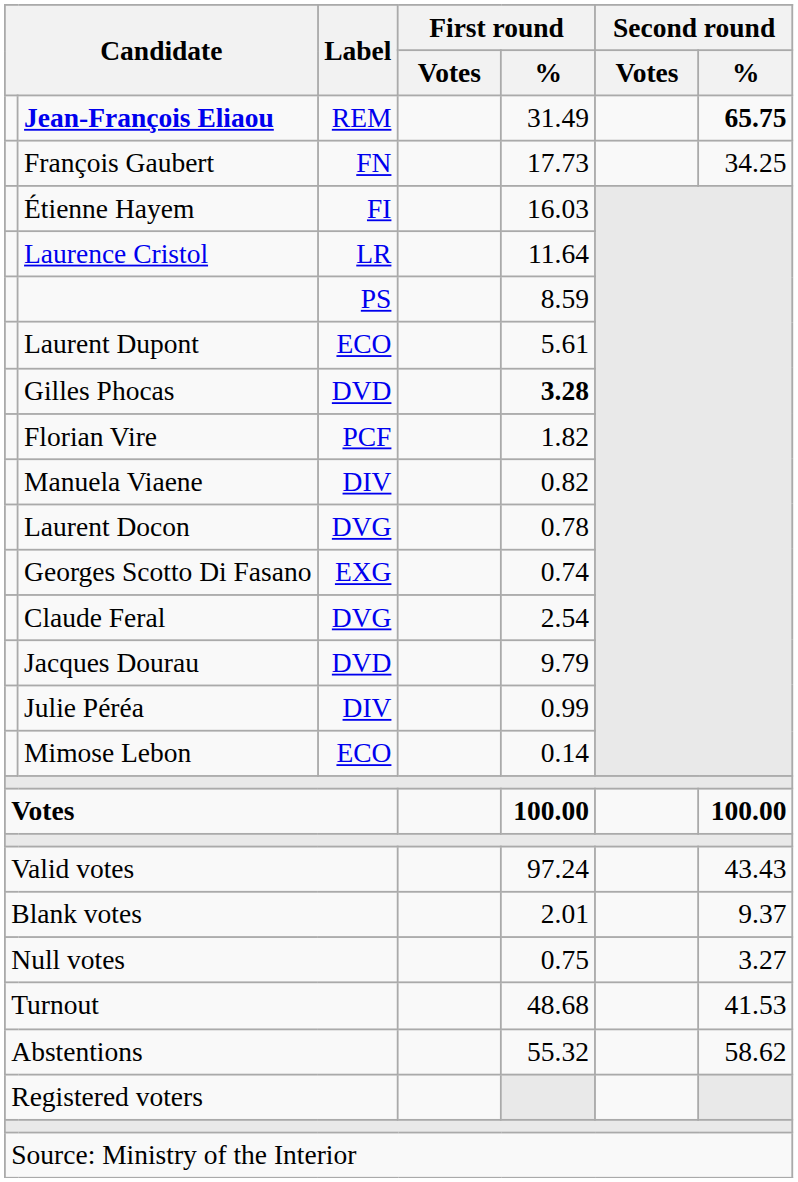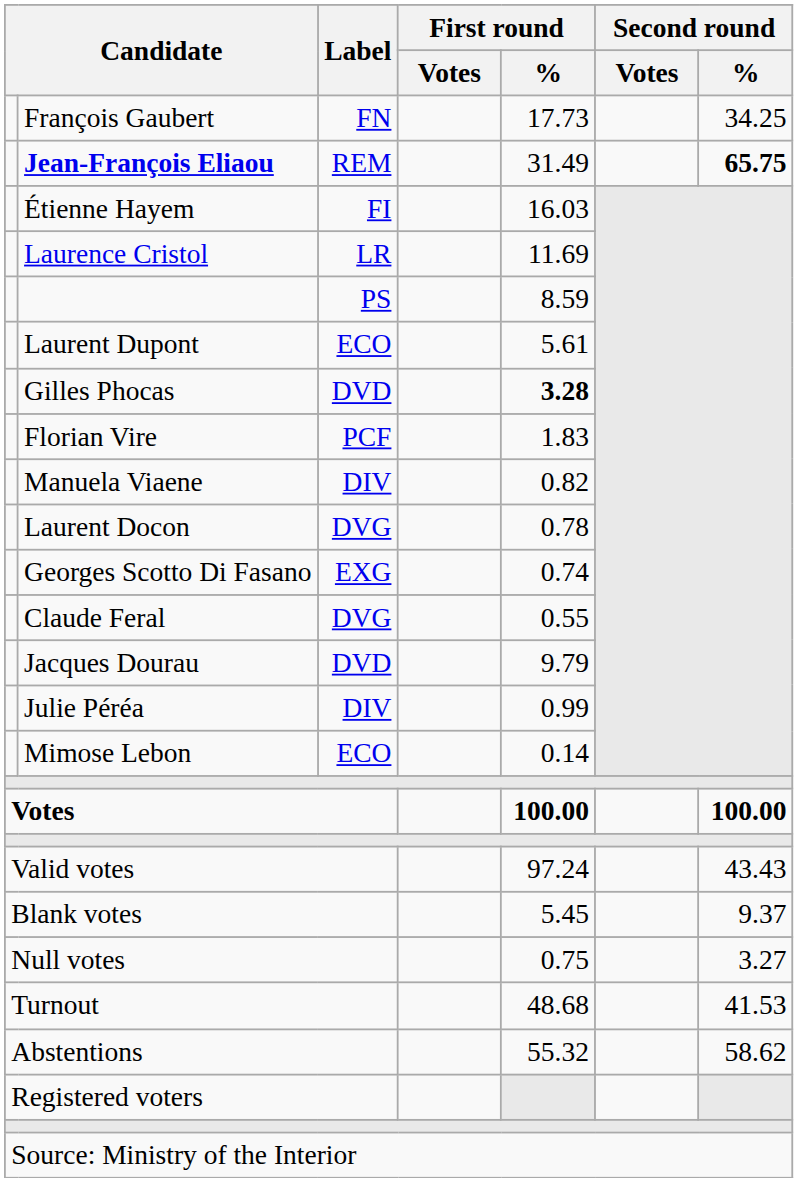 <table class="wikitable" style="text-align:right;font-size:95%;">
 <tr>
 <th rowspan="2" colspan="2">Candidate</th>
 <th rowspan="2">Label</th>
 <th colspan="2">First round</th>
 <th colspan="2">Second round</th>
 </tr>
 <tr>
 <th style="width:50px;">Votes</th>
 <th style="width:45px;">%</th>
 <th style="width:50px;">Votes</th>
 <th style="width:45px;">%</th>
 </tr>
 <tr>
 <td style="color:inherit;background:"></td>
+<td style="text-align:left;">François Gaubert</td>
+<td><a href='#'>FN</a></td>
+<td></td>
+<td>17.73</td>
+<td></td>
+<td>34.25</td>
+</tr>
+<tr>
+<td style="color:inherit;background:"></td>
 <td style="text-align:left;"><strong><a href='#'>Jean-François Eliaou</a></strong></td>
 <td><a href='#'>REM</a></td>
 <td></td>
 <td>31.49</td>
 <td><strong></strong></td>
 <td><strong>65.75</strong></td>
-</tr>
-<tr>
-<td style="color:inherit;background:"></td>
-<td style="text-align:left;">François Gaubert</td>
-<td><a href='#'>FN</a></td>
-<td></td>
-<td>17.73</td>
-<td></td>
-<td>34.25</td>
 </tr>
 <tr>
 <td style="color:inherit;background:"></td>
 <td style="text-align:left;">Étienne Hayem</td>
 <td><a href='#'>FI</a></td>
 <td></td>
 <td>16.03</td>
 <td colspan="2" rowspan="13" style="background:#E9E9E9;"></td>
 </tr>
 <tr>
 <td style="color:inherit;background:"></td>
 <td style="text-align:left;"><a href='#'>Laurence Cristol</a></td>
 <td><a href='#'>LR</a></td>
 <td></td>
-<td>11.64</td>
+<td>11.69</td>
 </tr>
 <tr>
 <td style="color:inherit;background:"></td>
 <td style="text-align:left;"></td>
 <td><a href='#'>PS</a></td>
 <td></td>
 <td>8.59</td>
 </tr>
 <tr>
 <td style="color:inherit;background:"></td>
 <td style="text-align:left;">Laurent Dupont</td>
 <td><a href='#'>ECO</a></td>
 <td></td>
 <td>5.61</td>
 </tr>
 <tr>
 <td style="color:inherit;background:"></td>
 <td style="text-align:left;">Gilles Phocas</td>
 <td><a href='#'>DVD</a></td>
 <td></td>
 <td><strong>3.28</strong></td>
 </tr>
 <tr>
 <td style="color:inherit;background:"></td>
 <td style="text-align:left;">Florian Vire</td>
 <td><a href='#'>PCF</a></td>
 <td></td>
-<td>1.82</td>
+<td>1.83</td>
 </tr>
 <tr>
 <td style="color:inherit;background:"></td>
 <td style="text-align:left;">Manuela Viaene</td>
 <td><a href='#'>DIV</a></td>
 <td></td>
 <td>0.82</td>
 </tr>
 <tr>
 <td style="color:inherit;background:"></td>
 <td style="text-align:left;">Laurent Docon</td>
 <td><a href='#'>DVG</a></td>
 <td></td>
 <td>0.78</td>
 </tr>
 <tr>
 <td style="color:inherit;background:"></td>
 <td style="text-align:left;">Georges Scotto Di Fasano</td>
 <td><a href='#'>EXG</a></td>
 <td></td>
 <td>0.74</td>
 </tr>
 <tr>
 <td style="color:inherit;background:"></td>
 <td style="text-align:left;">Claude Feral</td>
 <td><a href='#'>DVG</a></td>
 <td></td>
-<td>2.54</td>
+<td>0.55</td>
 </tr>
 <tr>
 <td style="color:inherit;background:"></td>
 <td style="text-align:left;">Jacques Dourau</td>
 <td><a href='#'>DVD</a></td>
 <td></td>
 <td>9.79</td>
 </tr>
 <tr>
 <td style="color:inherit;background:"></td>
 <td style="text-align:left;">Julie Péréa</td>
 <td><a href='#'>DIV</a></td>
 <td></td>
 <td>0.99</td>
 </tr>
 <tr>
 <td style="color:inherit;background:"></td>
 <td style="text-align:left;">Mimose Lebon</td>
 <td><a href='#'>ECO</a></td>
 <td></td>
 <td>0.14</td>
 </tr>
 <tr>
 <td colspan="7" style="background:#E9E9E9;"></td>
 </tr>
 <tr style="font-weight:bold;">
 <td colspan="3" style="text-align:left;">Votes</td>
 <td></td>
 <td>100.00</td>
 <td></td>
 <td>100.00</td>
 </tr>
 <tr>
 <td colspan="7" style="background:#E9E9E9;"></td>
 </tr>
 <tr>
 <td colspan="3" style="text-align:left;">Valid votes</td>
 <td></td>
 <td>97.24</td>
 <td></td>
 <td>43.43</td>
 </tr>
 <tr>
 <td colspan="3" style="text-align:left;">Blank votes</td>
 <td></td>
-<td>2.01</td>
+<td>5.45</td>
 <td></td>
 <td>9.37</td>
 </tr>
 <tr>
 <td colspan="3" style="text-align:left;">Null votes</td>
 <td></td>
 <td>0.75</td>
 <td></td>
 <td>3.27</td>
 </tr>
 <tr>
 <td colspan="3" style="text-align:left;">Turnout</td>
 <td></td>
 <td>48.68</td>
 <td></td>
 <td>41.53</td>
 </tr>
 <tr>
 <td colspan="3" style="text-align:left;">Abstentions</td>
 <td></td>
 <td>55.32</td>
 <td></td>
 <td>58.62</td>
 </tr>
 <tr>
 <td colspan="3" style="text-align:left;">Registered voters</td>
 <td></td>
 <td style="color:inherit;background:#E9E9E9;"></td>
 <td></td>
 <td style="color:inherit;background:#E9E9E9;"></td>
 </tr>
 <tr>
 <td colspan="7" style="background:#E9E9E9;"></td>
 </tr>
 <tr>
 <td colspan="7" style="text-align:left;">Source: Ministry of the Interior</td>
 </tr>
 </table>
